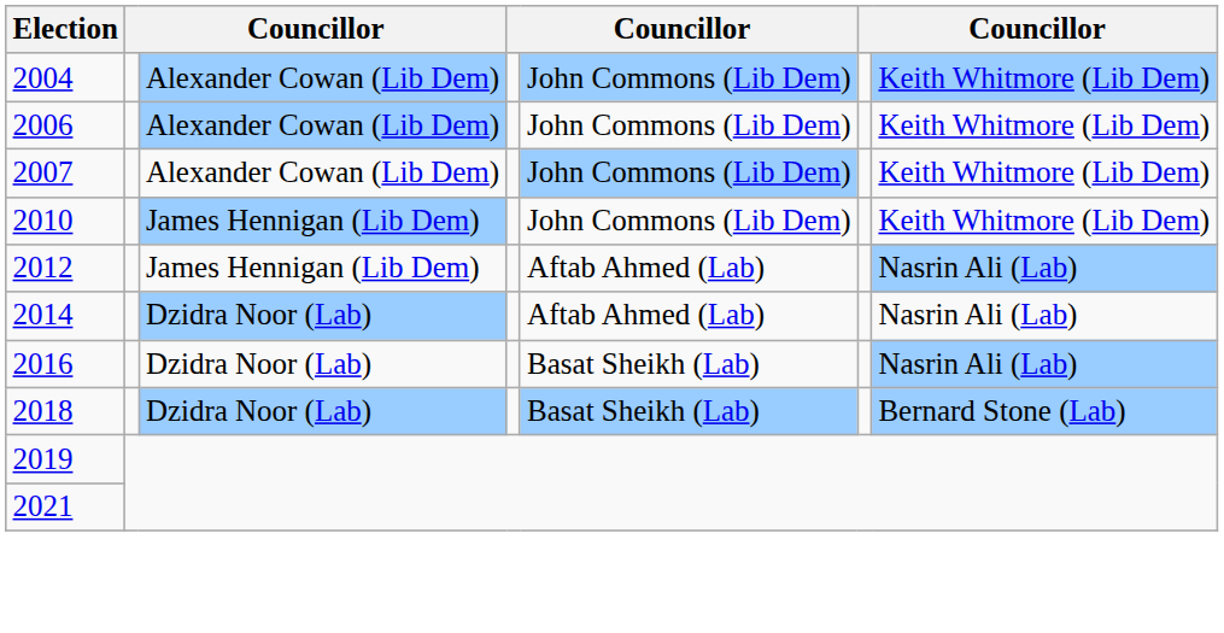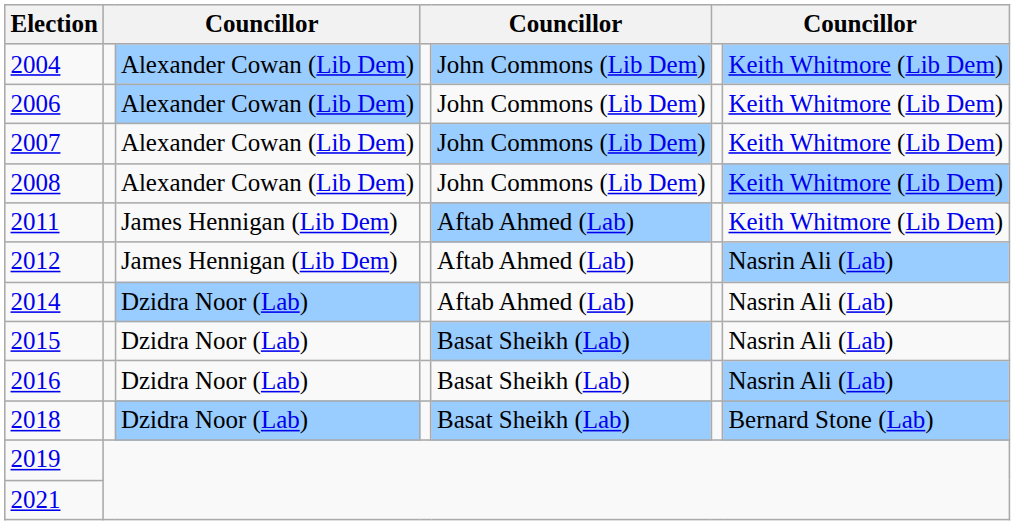 <table class="wikitable">
 <tr>
 <th>Election</th>
 <th colspan="2">Councillor</th>
 <th colspan="2">Councillor</th>
 <th colspan="2">Councillor</th>
 </tr>
 <tr>
 <td><a href='#'>2004</a></td>
 <td style="background-color: "></td>
 <td bgcolor="#99CCFF">Alexander Cowan (<a href='#'>Lib Dem</a>)</td>
 <td style="background-color: "></td>
 <td bgcolor="#99CCFF">John Commons (<a href='#'>Lib Dem</a>)</td>
 <td style="background-color: "></td>
 <td bgcolor="#99CCFF"><a href='#'>Keith Whitmore</a> (<a href='#'>Lib Dem</a>)</td>
 </tr>
 <tr>
 <td><a href='#'>2006</a></td>
 <td style="background-color: "></td>
 <td bgcolor="#99CCFF">Alexander Cowan (<a href='#'>Lib Dem</a>)</td>
 <td style="background-color: "></td>
 <td>John Commons (<a href='#'>Lib Dem</a>)</td>
 <td style="background-color: "></td>
 <td><a href='#'>Keith Whitmore</a> (<a href='#'>Lib Dem</a>)</td>
 </tr>
 <tr>
 <td><a href='#'>2007</a></td>
 <td style="background-color: "></td>
 <td>Alexander Cowan (<a href='#'>Lib Dem</a>)</td>
 <td style="background-color: "></td>
 <td bgcolor="#99CCFF">John Commons (<a href='#'>Lib Dem</a>)</td>
 <td style="background-color: "></td>
 <td><a href='#'>Keith Whitmore</a> (<a href='#'>Lib Dem</a>)</td>
 </tr>
 <tr>
-<td><a href='#'>2010</a></td>
+<td><a href='#'>2008</a></td>
 <td style="background-color: "></td>
-<td bgcolor="#99CCFF">James Hennigan (<a href='#'>Lib Dem</a>)</td>
+<td>Alexander Cowan (<a href='#'>Lib Dem</a>)</td>
 <td style="background-color: "></td>
 <td>John Commons (<a href='#'>Lib Dem</a>)</td>
+<td style="background-color: "></td>
+<td bgcolor="#99CCFF"><a href='#'>Keith Whitmore</a> (<a href='#'>Lib Dem</a>)</td>
+</tr>
+<tr>
+<td><a href='#'>2011</a></td>
+<td style="background-color: "></td>
+<td>James Hennigan (<a href='#'>Lib Dem</a>)</td>
+<td style="background-color: "></td>
+<td bgcolor="#99CCFF">Aftab Ahmed (<a href='#'>Lab</a>)</td>
 <td style="background-color: "></td>
 <td><a href='#'>Keith Whitmore</a> (<a href='#'>Lib Dem</a>)</td>
 </tr>
 <tr>
 <td><a href='#'>2012</a></td>
 <td style="background-color: "></td>
 <td>James Hennigan (<a href='#'>Lib Dem</a>)</td>
 <td style="background-color: "></td>
 <td>Aftab Ahmed (<a href='#'>Lab</a>)</td>
 <td style="background-color: "></td>
 <td bgcolor="#99CCFF">Nasrin Ali (<a href='#'>Lab</a>)</td>
 </tr>
 <tr>
 <td><a href='#'>2014</a></td>
 <td style="background-color: "></td>
 <td bgcolor="#99CCFF">Dzidra Noor (<a href='#'>Lab</a>)</td>
 <td style="background-color: "></td>
 <td>Aftab Ahmed (<a href='#'>Lab</a>)</td>
+<td style="background-color: "></td>
+<td>Nasrin Ali (<a href='#'>Lab</a>)</td>
+</tr>
+<tr>
+<td><a href='#'>2015</a></td>
+<td style="background-color: "></td>
+<td>Dzidra Noor (<a href='#'>Lab</a>)</td>
+<td style="background-color: "></td>
+<td bgcolor="#99CCFF">Basat Sheikh (<a href='#'>Lab</a>)</td>
 <td style="background-color: "></td>
 <td>Nasrin Ali (<a href='#'>Lab</a>)</td>
 </tr>
 <tr>
 <td><a href='#'>2016</a></td>
 <td style="background-color: "></td>
 <td>Dzidra Noor (<a href='#'>Lab</a>)</td>
 <td style="background-color: "></td>
 <td>Basat Sheikh (<a href='#'>Lab</a>)</td>
 <td style="background-color: "></td>
 <td bgcolor="#99CCFF">Nasrin Ali (<a href='#'>Lab</a>)</td>
 </tr>
 <tr>
 <td><a href='#'>2018</a></td>
 <td style="background-color: "></td>
 <td bgcolor="#99CCFF">Dzidra Noor (<a href='#'>Lab</a>)</td>
 <td style="background-color: "></td>
 <td bgcolor="#99CCFF">Basat Sheikh (<a href='#'>Lab</a>)</td>
 <td style="background-color: "></td>
 <td bgcolor="#99CCFF">Bernard Stone (<a href='#'>Lab</a>)</td>
 </tr>
 <tr>
 <td><a href='#'>2019</a><br>  </td>
 </tr>
 <tr>
 <td><a href='#'>2021</a><br>  </td>
 </tr>
 </table>
